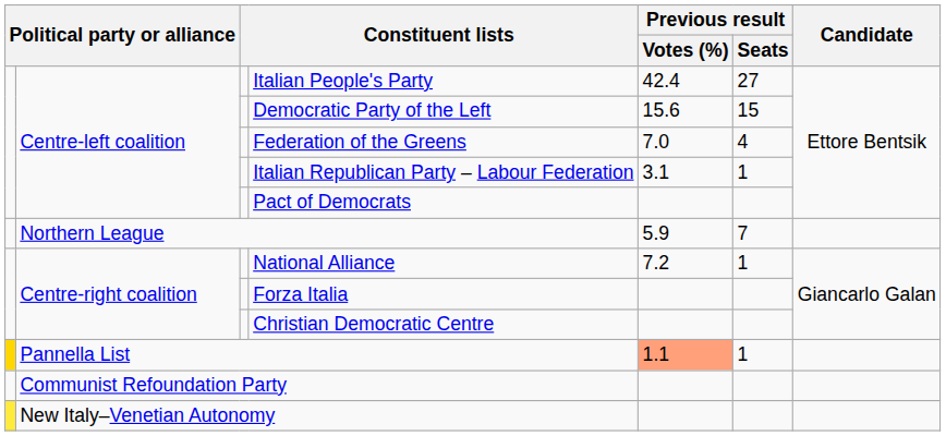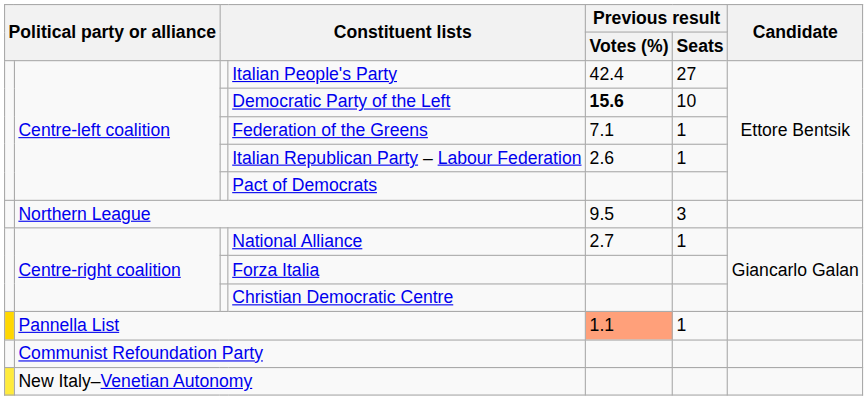 <table class="wikitable" style="text-align:left">
 <tr>
 <th colspan=2 rowspan="2">Political party or alliance</th>
 <th colspan=2 rowspan="2">Constituent lists</th>
 <th colspan="2">Previous result</th>
 <th rowspan="2">Candidate</th>
 </tr>
 <tr>
 <th>Votes (%)</th>
 <th>Seats</th>
 </tr>
 <tr>
 <td rowspan="5"></td>
 <td rowspan="5"><a href='#'>Centre-left coalition</a></td>
 <td></td>
 <td><a href='#'>Italian People's Party</a></td>
 <td>42.4</td>
 <td>27</td>
 <td rowspan="5" style="text-align: center;">Ettore Bentsik</td>
 </tr>
 <tr>
 <td></td>
 <td style="text-align:left;"><a href='#'>Democratic Party of the Left</a></td>
-<td>15.6</td>
-<td>15</td>
+<td><strong>15.6</strong></td>
+<td>10</td>
 </tr>
 <tr>
 <td></td>
 <td><a href='#'>Federation of the Greens</a></td>
-<td>7.0</td>
-<td>4</td>
+<td>7.1</td>
+<td>1</td>
 </tr>
 <tr>
 <td></td>
 <td><a href='#'>Italian Republican Party</a> – <a href='#'>Labour Federation</a></td>
-<td>3.1</td>
+<td>2.6</td>
 <td>1</td>
 </tr>
 <tr>
 <td></td>
 <td><a href='#'>Pact of Democrats</a></td>
 <td></td>
 <td></td>
 </tr>
 <tr>
 <td></td>
 <td colspan="3"><a href='#'>Northern League</a></td>
-<td>5.9</td>
-<td>7</td>
+<td>9.5</td>
+<td>3</td>
 <td></td>
 </tr>
 <tr>
 <td rowspan="3" style="background:"></td>
 <td rowspan=3><a href='#'>Centre-right coalition</a></td>
 <td></td>
 <td style="text-align:left;"><a href='#'>National Alliance</a></td>
-<td>7.2</td>
+<td>2.7</td>
 <td>1</td>
 <td rowspan="3" style="text-align: center;">Giancarlo Galan</td>
 </tr>
 <tr>
 <td></td>
 <td style="text-align:left;"><a href='#'>Forza Italia</a></td>
 <td></td>
 <td></td>
 </tr>
 <tr>
 <td></td>
 <td style="text-align:left;"><a href='#'>Christian Democratic Centre</a></td>
 <td></td>
 <td></td>
 </tr>
 <tr>
 <td bgcolor="gold"></td>
 <td colspan="3"><a href='#'>Pannella List</a></td>
 <td style="background: lightsalmon;">1.1</td>
 <td>1</td>
 <td></td>
 </tr>
 <tr>
 <td></td>
 <td colspan="3"><a href='#'>Communist Refoundation Party</a></td>
 <td></td>
 <td></td>
 <td></td>
 </tr>
 <tr>
 <td bgcolor="#FFEB3B"></td>
 <td colspan="3">New Italy–<a href='#'>Venetian Autonomy</a></td>
 <td></td>
 <td></td>
 <td></td>
 </tr>
 </table>
